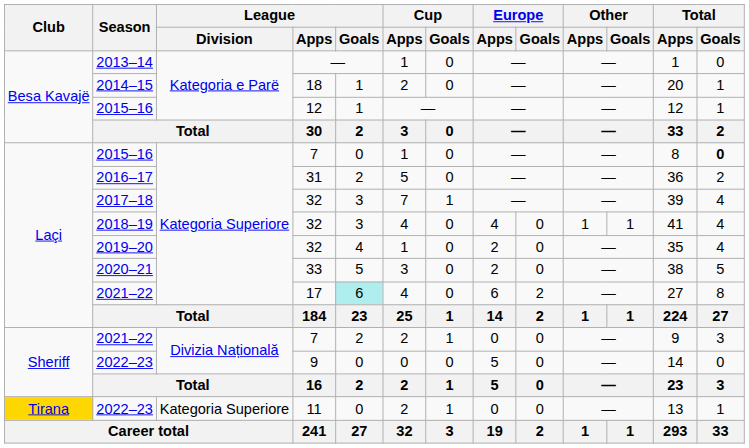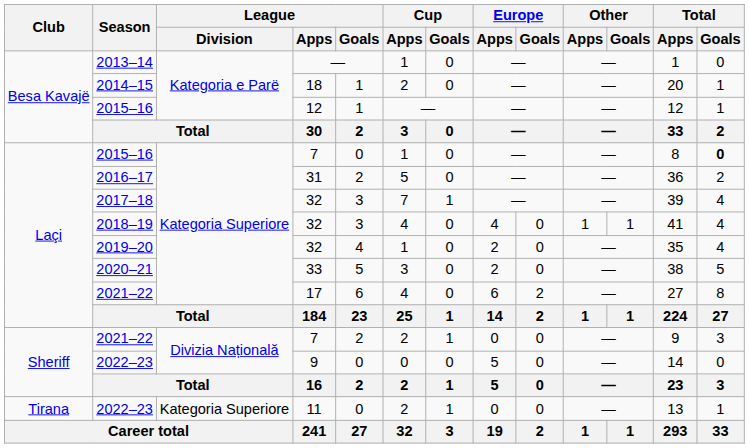 <table class="wikitable" style="text-align:center">
 <tr>
 <th rowspan="2">Club</th>
 <th rowspan="2">Season</th>
 <th colspan="3">League</th>
 <th colspan="2">Cup</th>
 <th colspan="2"><a href='#'>Europe</a></th>
 <th colspan="2">Other</th>
 <th colspan="2">Total</th>
 </tr>
 <tr>
 <th>Division</th>
 <th>Apps</th>
 <th>Goals</th>
 <th>Apps</th>
 <th>Goals</th>
 <th>Apps</th>
 <th>Goals</th>
 <th>Apps</th>
 <th>Goals</th>
 <th>Apps</th>
 <th>Goals</th>
 </tr>
 <tr>
 <td rowspan="4" valign="center"><a href='#'>Besa Kavajë</a></td>
 <td><a href='#'>2013–14</a></td>
 <td rowspan="3"><a href='#'>Kategoria e Parë</a></td>
 <td colspan="2">—</td>
 <td>1</td>
 <td>0</td>
 <td colspan="2">—</td>
 <td colspan="2">—</td>
 <td>1</td>
 <td>0</td>
 </tr>
 <tr>
 <td><a href='#'>2014–15</a></td>
 <td>18</td>
 <td>1</td>
 <td>2</td>
 <td>0</td>
 <td colspan="2">—</td>
 <td colspan="2">—</td>
 <td>20</td>
 <td>1</td>
 </tr>
 <tr>
 <td><a href='#'>2015–16</a></td>
 <td>12</td>
 <td>1</td>
 <td colspan="2">—</td>
 <td colspan="2">—</td>
 <td colspan="2">—</td>
 <td>12</td>
 <td>1</td>
 </tr>
 <tr>
 <th colspan="2" valign="center">Total</th>
 <th>30</th>
 <th>2</th>
 <th>3</th>
 <th>0</th>
 <th colspan="2">—</th>
 <th colspan="2">—</th>
 <th>33</th>
 <th>2</th>
 </tr>
 <tr>
 <td rowspan="8" valign="center"><a href='#'>Laçi</a></td>
 <td><a href='#'>2015–16</a></td>
 <td rowspan="7"><a href='#'>Kategoria Superiore</a></td>
 <td>7</td>
 <td>0</td>
 <td>1</td>
 <td>0</td>
 <td colspan="2">—</td>
 <td colspan="2">—</td>
 <td>8</td>
 <td><strong>0</strong></td>
 </tr>
 <tr>
 <td><a href='#'>2016–17</a></td>
 <td>31</td>
 <td>2</td>
 <td>5</td>
 <td>0</td>
 <td colspan="2">—</td>
 <td colspan="2">—</td>
 <td>36</td>
 <td>2</td>
 </tr>
 <tr>
 <td><a href='#'>2017–18</a></td>
 <td>32</td>
 <td>3</td>
 <td>7</td>
 <td>1</td>
 <td colspan="2">—</td>
 <td colspan="2">—</td>
 <td>39</td>
 <td>4</td>
 </tr>
 <tr>
 <td><a href='#'>2018–19</a></td>
 <td>32</td>
 <td>3</td>
 <td>4</td>
 <td>0</td>
 <td>4</td>
 <td>0</td>
 <td>1</td>
 <td>1</td>
 <td>41</td>
 <td>4</td>
 </tr>
 <tr>
 <td><a href='#'>2019–20</a></td>
 <td>32</td>
 <td>4</td>
 <td>1</td>
 <td>0</td>
 <td>2</td>
 <td>0</td>
 <td colspan="2">—</td>
 <td>35</td>
 <td>4</td>
 </tr>
 <tr>
 <td><a href='#'>2020–21</a></td>
 <td>33</td>
 <td>5</td>
 <td>3</td>
 <td>0</td>
 <td>2</td>
 <td>0</td>
 <td colspan="2">—</td>
 <td>38</td>
 <td>5</td>
 </tr>
 <tr>
 <td><a href='#'>2021–22</a></td>
 <td>17</td>
-<td style="background: paleturquoise;">6</td>
+<td>6</td>
 <td>4</td>
 <td>0</td>
 <td>6</td>
 <td>2</td>
 <td colspan="2">—</td>
 <td>27</td>
 <td>8</td>
 </tr>
 <tr>
 <th colspan="2" valign="center">Total</th>
 <th>184</th>
 <th>23</th>
 <th>25</th>
 <th>1</th>
 <th>14</th>
 <th>2</th>
 <th>1</th>
 <th>1</th>
 <th>224</th>
 <th>27</th>
 </tr>
 <tr>
 <td rowspan="3" valign="center"><a href='#'>Sheriff</a></td>
 <td><a href='#'>2021–22</a></td>
 <td rowspan="2"><a href='#'>Divizia Națională</a></td>
 <td>7</td>
 <td>2</td>
 <td>2</td>
 <td>1</td>
 <td>0</td>
 <td>0</td>
 <td colspan="2">—</td>
 <td>9</td>
 <td>3</td>
 </tr>
 <tr>
 <td><a href='#'>2022–23</a></td>
 <td>9</td>
 <td>0</td>
 <td>0</td>
 <td>0</td>
 <td>5</td>
 <td>0</td>
 <td colspan="2">—</td>
 <td>14</td>
 <td>0</td>
 </tr>
 <tr>
 <th colspan="2" valign="center">Total</th>
 <th>16</th>
 <th>2</th>
 <th>2</th>
 <th>1</th>
 <th>5</th>
 <th>0</th>
 <th colspan="2">—</th>
 <th>23</th>
 <th>3</th>
 </tr>
 <tr>
-<td style="background: gold;"><a href='#'>Tirana</a></td>
+<td><a href='#'>Tirana</a></td>
 <td><a href='#'>2022–23</a></td>
 <td>Kategoria Superiore</td>
 <td>11</td>
 <td>0</td>
 <td>2</td>
 <td>1</td>
 <td>0</td>
 <td>0</td>
 <td colspan="2">—</td>
 <td>13</td>
 <td>1</td>
 </tr>
 <tr>
 <th colspan="3">Career total</th>
 <th>241</th>
 <th>27</th>
 <th>32</th>
 <th>3</th>
 <th>19</th>
 <th>2</th>
 <th>1</th>
 <th>1</th>
 <th>293</th>
 <th>33</th>
 </tr>
 </table>
